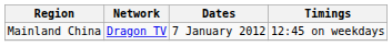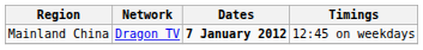 <table class="wikitable">
 <tr>
 <th>Region</th>
 <th>Network</th>
 <th>Dates</th>
 <th>Timings</th>
 </tr>
 <tr>
 <td>Mainland China</td>
 <td><a href='#'>Dragon TV</a></td>
-<td>7 January 2012</td>
+<td><strong>7 January 2012</strong></td>
 <td>12:45 on weekdays</td>
 </tr>
 <tr>
 </tr>
 </table>
